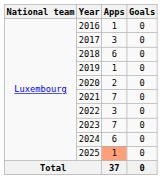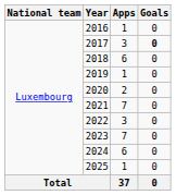 <table class=wikitable style="text-align:center">
 <tr>
 <th>National team</th>
 <th>Year</th>
 <th>Apps</th>
 <th>Goals</th>
 </tr>
 <tr>
 <td rowspan=10><a href='#'>Luxembourg</a></td>
 <td>2016</td>
 <td>1</td>
 <td>0</td>
 </tr>
 <tr>
 <td>2017</td>
 <td>3</td>
-<td>0</td>
+<td><strong>0</strong></td>
 </tr>
 <tr>
 <td>2018</td>
 <td>6</td>
 <td>0</td>
 </tr>
 <tr>
 <td>2019</td>
 <td>1</td>
 <td>0</td>
 </tr>
 <tr>
 <td>2020</td>
 <td>2</td>
 <td>0</td>
 </tr>
 <tr>
 <td>2021</td>
 <td>7</td>
 <td>0</td>
 </tr>
 <tr>
 <td>2022</td>
 <td>3</td>
 <td>0</td>
 </tr>
 <tr>
 <td>2023</td>
 <td>7</td>
 <td>0</td>
 </tr>
 <tr>
 <td>2024</td>
 <td>6</td>
 <td>0</td>
 </tr>
 <tr>
 <td>2025</td>
-<td style="background: lightsalmon;">1</td>
+<td>1</td>
 <td>0</td>
 </tr>
 <tr>
 <th colspan=2>Total</th>
 <th>37</th>
 <th>0</th>
 </tr>
 </table>
